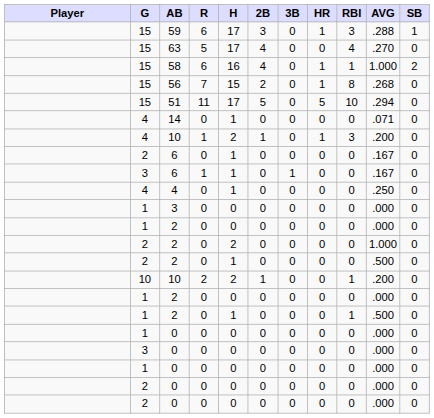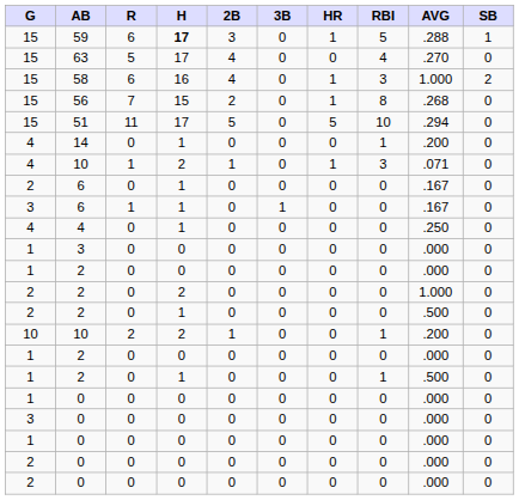 <table class="wikitable sortable" style="text-align:center; border:1px; cellpadding:2; cellspacing:0;">
 <tr>
-<th style="background:#ddf; width:30%;">Player</th>
 <th style="background:#ddf; width:7%;">G</th>
 <th style="background:#ddf; width:7%;">AB</th>
 <th style="background:#ddf; width:7%;">R</th>
 <th style="background:#ddf; width:7%;">H</th>
 <th style="background:#ddf; width:7%;">2B</th>
 <th style="background:#ddf; width:7%;">3B</th>
 <th style="background:#ddf; width:7%;">HR</th>
 <th style="background:#ddf; width:7%;">RBI</th>
 <th style="background:#ddf; width:7%;">AVG</th>
 <th style="background:#ddf; width:7%;">SB</th>
 </tr>
 <tr>
-<td></td>
 <td>15</td>
 <td>59</td>
 <td>6</td>
-<td>17</td>
+<td><strong>17</strong></td>
 <td>3</td>
 <td>0</td>
 <td>1</td>
-<td>3</td>
+<td>5</td>
 <td>.288</td>
 <td>1</td>
 </tr>
 <tr>
-<td></td>
 <td>15</td>
 <td>63</td>
 <td>5</td>
 <td>17</td>
 <td>4</td>
 <td>0</td>
 <td>0</td>
 <td>4</td>
 <td>.270</td>
 <td>0</td>
 </tr>
 <tr>
-<td></td>
 <td>15</td>
 <td>58</td>
 <td>6</td>
 <td>16</td>
 <td>4</td>
 <td>0</td>
 <td>1</td>
-<td>1</td>
+<td>3</td>
 <td>1.000</td>
 <td>2</td>
 </tr>
 <tr>
-<td></td>
 <td>15</td>
 <td>56</td>
 <td>7</td>
 <td>15</td>
 <td>2</td>
 <td>0</td>
 <td>1</td>
 <td>8</td>
 <td>.268</td>
 <td>0</td>
 </tr>
 <tr>
-<td></td>
 <td>15</td>
 <td>51</td>
 <td>11</td>
 <td>17</td>
 <td>5</td>
 <td>0</td>
 <td>5</td>
 <td>10</td>
 <td>.294</td>
 <td>0</td>
 </tr>
 <tr>
-<td></td>
 <td>4</td>
 <td>14</td>
 <td>0</td>
 <td>1</td>
 <td>0</td>
 <td>0</td>
 <td>0</td>
-<td>0</td>
-<td>.071</td>
+<td>1</td>
+<td>.200</td>
 <td>0</td>
 </tr>
 <tr>
-<td></td>
 <td>4</td>
 <td>10</td>
 <td>1</td>
 <td>2</td>
 <td>1</td>
 <td>0</td>
 <td>1</td>
 <td>3</td>
-<td>.200</td>
+<td>.071</td>
 <td>0</td>
 </tr>
 <tr>
-<td></td>
 <td>2</td>
 <td>6</td>
 <td>0</td>
 <td>1</td>
 <td>0</td>
 <td>0</td>
 <td>0</td>
 <td>0</td>
 <td>.167</td>
 <td>0</td>
 </tr>
 <tr>
-<td></td>
 <td>3</td>
 <td>6</td>
 <td>1</td>
 <td>1</td>
 <td>0</td>
 <td>1</td>
 <td>0</td>
 <td>0</td>
 <td>.167</td>
 <td>0</td>
 </tr>
 <tr>
-<td></td>
 <td>4</td>
 <td>4</td>
 <td>0</td>
 <td>1</td>
 <td>0</td>
 <td>0</td>
 <td>0</td>
 <td>0</td>
 <td>.250</td>
 <td>0</td>
 </tr>
 <tr>
-<td></td>
 <td>1</td>
 <td>3</td>
 <td>0</td>
 <td>0</td>
 <td>0</td>
 <td>0</td>
 <td>0</td>
 <td>0</td>
 <td>.000</td>
 <td>0</td>
 </tr>
 <tr>
-<td></td>
 <td>1</td>
 <td>2</td>
 <td>0</td>
 <td>0</td>
 <td>0</td>
 <td>0</td>
 <td>0</td>
 <td>0</td>
 <td>.000</td>
 <td>0</td>
 </tr>
 <tr>
-<td></td>
 <td>2</td>
 <td>2</td>
 <td>0</td>
 <td>2</td>
 <td>0</td>
 <td>0</td>
 <td>0</td>
 <td>0</td>
 <td>1.000</td>
 <td>0</td>
 </tr>
 <tr>
-<td></td>
 <td>2</td>
 <td>2</td>
 <td>0</td>
 <td>1</td>
 <td>0</td>
 <td>0</td>
 <td>0</td>
 <td>0</td>
 <td>.500</td>
 <td>0</td>
 </tr>
 <tr>
-<td></td>
 <td>10</td>
 <td>10</td>
 <td>2</td>
 <td>2</td>
 <td>1</td>
 <td>0</td>
 <td>0</td>
 <td>1</td>
 <td>.200</td>
 <td>0</td>
 </tr>
 <tr>
-<td></td>
 <td>1</td>
 <td>2</td>
 <td>0</td>
 <td>0</td>
 <td>0</td>
 <td>0</td>
 <td>0</td>
 <td>0</td>
 <td>.000</td>
 <td>0</td>
 </tr>
 <tr>
-<td></td>
 <td>1</td>
 <td>2</td>
 <td>0</td>
 <td>1</td>
 <td>0</td>
 <td>0</td>
 <td>0</td>
 <td>1</td>
 <td>.500</td>
 <td>0</td>
 </tr>
 <tr>
-<td></td>
 <td>1</td>
 <td>0</td>
 <td>0</td>
 <td>0</td>
 <td>0</td>
 <td>0</td>
 <td>0</td>
 <td>0</td>
 <td>.000</td>
 <td>0</td>
 </tr>
 <tr>
-<td></td>
 <td>3</td>
 <td>0</td>
 <td>0</td>
 <td>0</td>
 <td>0</td>
 <td>0</td>
 <td>0</td>
 <td>0</td>
 <td>.000</td>
 <td>0</td>
 </tr>
 <tr>
-<td></td>
 <td>1</td>
 <td>0</td>
 <td>0</td>
 <td>0</td>
 <td>0</td>
 <td>0</td>
 <td>0</td>
 <td>0</td>
 <td>.000</td>
 <td>0</td>
 </tr>
 <tr>
-<td></td>
 <td>2</td>
 <td>0</td>
 <td>0</td>
 <td>0</td>
 <td>0</td>
 <td>0</td>
 <td>0</td>
 <td>0</td>
 <td>.000</td>
 <td>0</td>
 </tr>
 <tr>
-<td></td>
 <td>2</td>
 <td>0</td>
 <td>0</td>
 <td>0</td>
 <td>0</td>
 <td>0</td>
 <td>0</td>
 <td>0</td>
 <td>.000</td>
 <td>0</td>
 </tr>
 </table>
